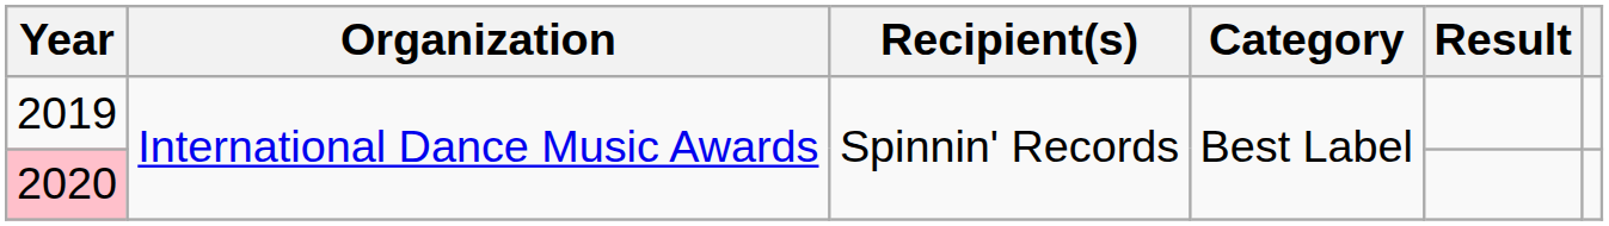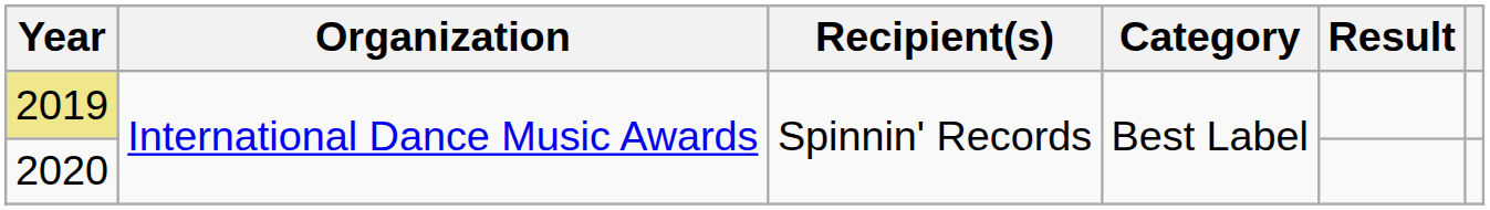 <table class="wikitable">
 <tr>
 <th>Year</th>
 <th>Organization</th>
 <th>Recipient(s)</th>
 <th>Category</th>
 <th>Result</th>
 <th></th>
 </tr>
 <tr>
-<td>2019</td>
+<td style="background: khaki;">2019</td>
 <td rowspan="2"><a href='#'>International Dance Music Awards</a></td>
 <td rowspan="2">Spinnin' Records</td>
 <td rowspan="2">Best Label</td>
 <td></td>
 <td></td>
 </tr>
 <tr>
-<td style="background: pink;">2020</td>
+<td>2020</td>
 <td></td>
 <td></td>
 </tr>
 </table>
